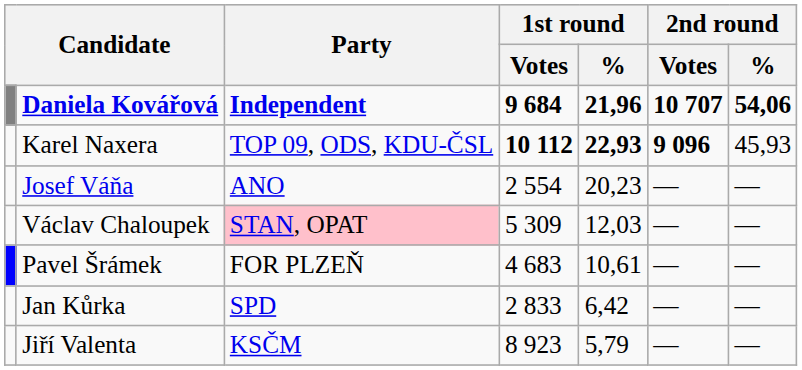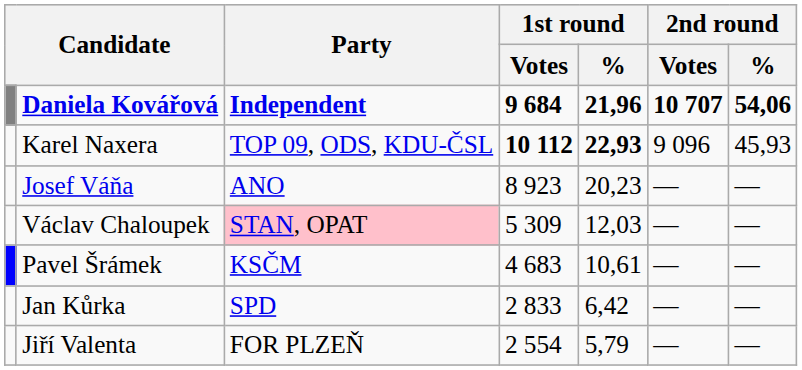 <table class="wikitable sortable">
 <tr>
 <th colspan="2" rowspan="2">Candidate</th>
 <th rowspan="2">Party</th>
 <th colspan="2">1st round</th>
 <th colspan="2">2nd round</th>
 </tr>
 <tr>
 <th>Votes</th>
 <th>%</th>
 <th>Votes</th>
 <th>%</th>
 </tr>
 <tr>
 <td style="background-color:gray;"></td>
 <td><strong><a href='#'>Daniela Kovářová</a></strong></td>
 <td><a href='#'><strong>Independent</strong></a></td>
 <td><strong>9 684</strong></td>
 <td><strong>21,96</strong></td>
 <td><strong>10 707</strong></td>
 <td><strong>54,06</strong></td>
 </tr>
 <tr>
 <td style="background-color:"></td>
 <td>Karel Naxera</td>
 <td><a href='#'>TOP 09</a>, <a href='#'>ODS</a>, <a href='#'>KDU-ČSL</a></td>
 <td><strong>10 112</strong></td>
 <td><strong>22,93</strong></td>
-<td><strong>9 096</strong></td>
+<td>9 096</td>
 <td>45,93</td>
 </tr>
 <tr>
 <td style="background-color:"></td>
 <td><a href='#'>Josef Váňa</a></td>
 <td><a href='#'>ANO</a></td>
-<td>2 554</td>
+<td>8 923</td>
 <td>20,23</td>
 <td>—</td>
 <td>—</td>
 </tr>
 <tr>
 <td style="background-color:"></td>
 <td>Václav Chaloupek</td>
 <td style="background: pink;"><a href='#'>STAN</a>, OPAT</td>
 <td>5 309</td>
 <td>12,03</td>
 <td>—</td>
 <td>—</td>
 </tr>
 <tr>
 <td style="background-color:blue"></td>
 <td>Pavel Šrámek</td>
-<td>FOR PLZEŇ</td>
+<td><a href='#'>KSČM</a></td>
 <td>4 683</td>
 <td>10,61</td>
 <td>—</td>
 <td>—</td>
 </tr>
 <tr>
 <td style="background-color:"></td>
 <td>Jan Kůrka</td>
 <td><a href='#'>SPD</a></td>
 <td>2 833</td>
 <td>6,42</td>
 <td>—</td>
 <td>—</td>
 </tr>
 <tr>
 <td style="background-color:"></td>
 <td>Jiří Valenta</td>
-<td><a href='#'>KSČM</a></td>
-<td>8 923</td>
+<td>FOR PLZEŇ</td>
+<td>2 554</td>
 <td>5,79</td>
 <td>—</td>
 <td>—</td>
 </tr>
 </table>
